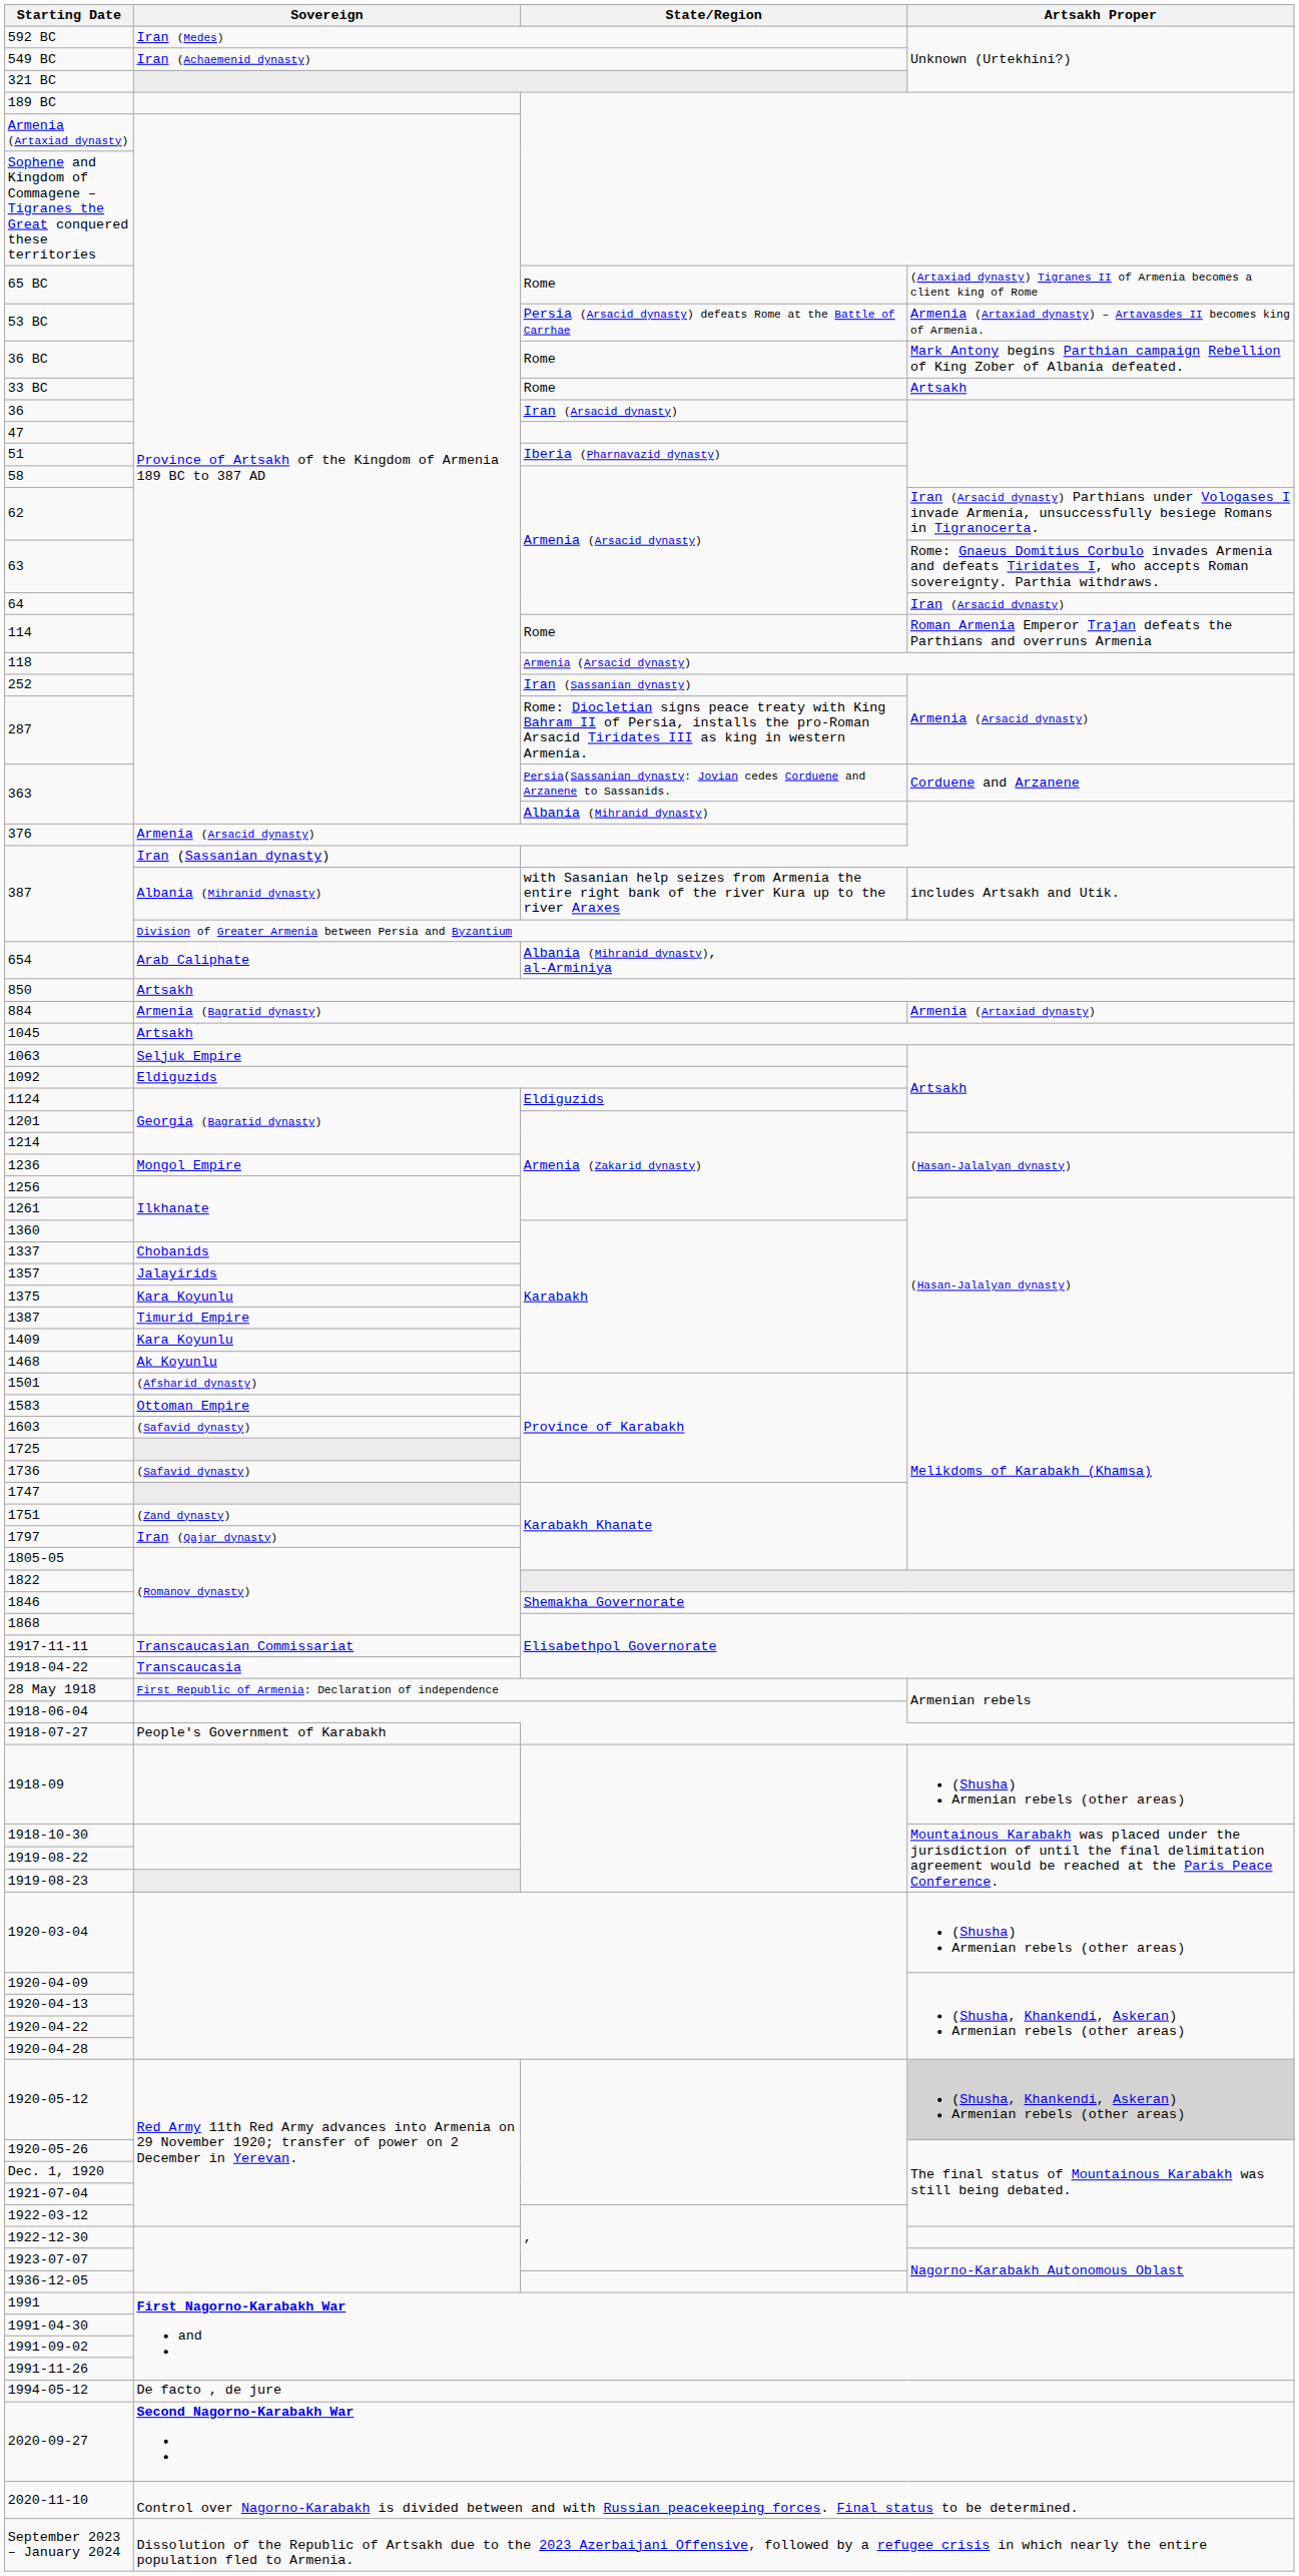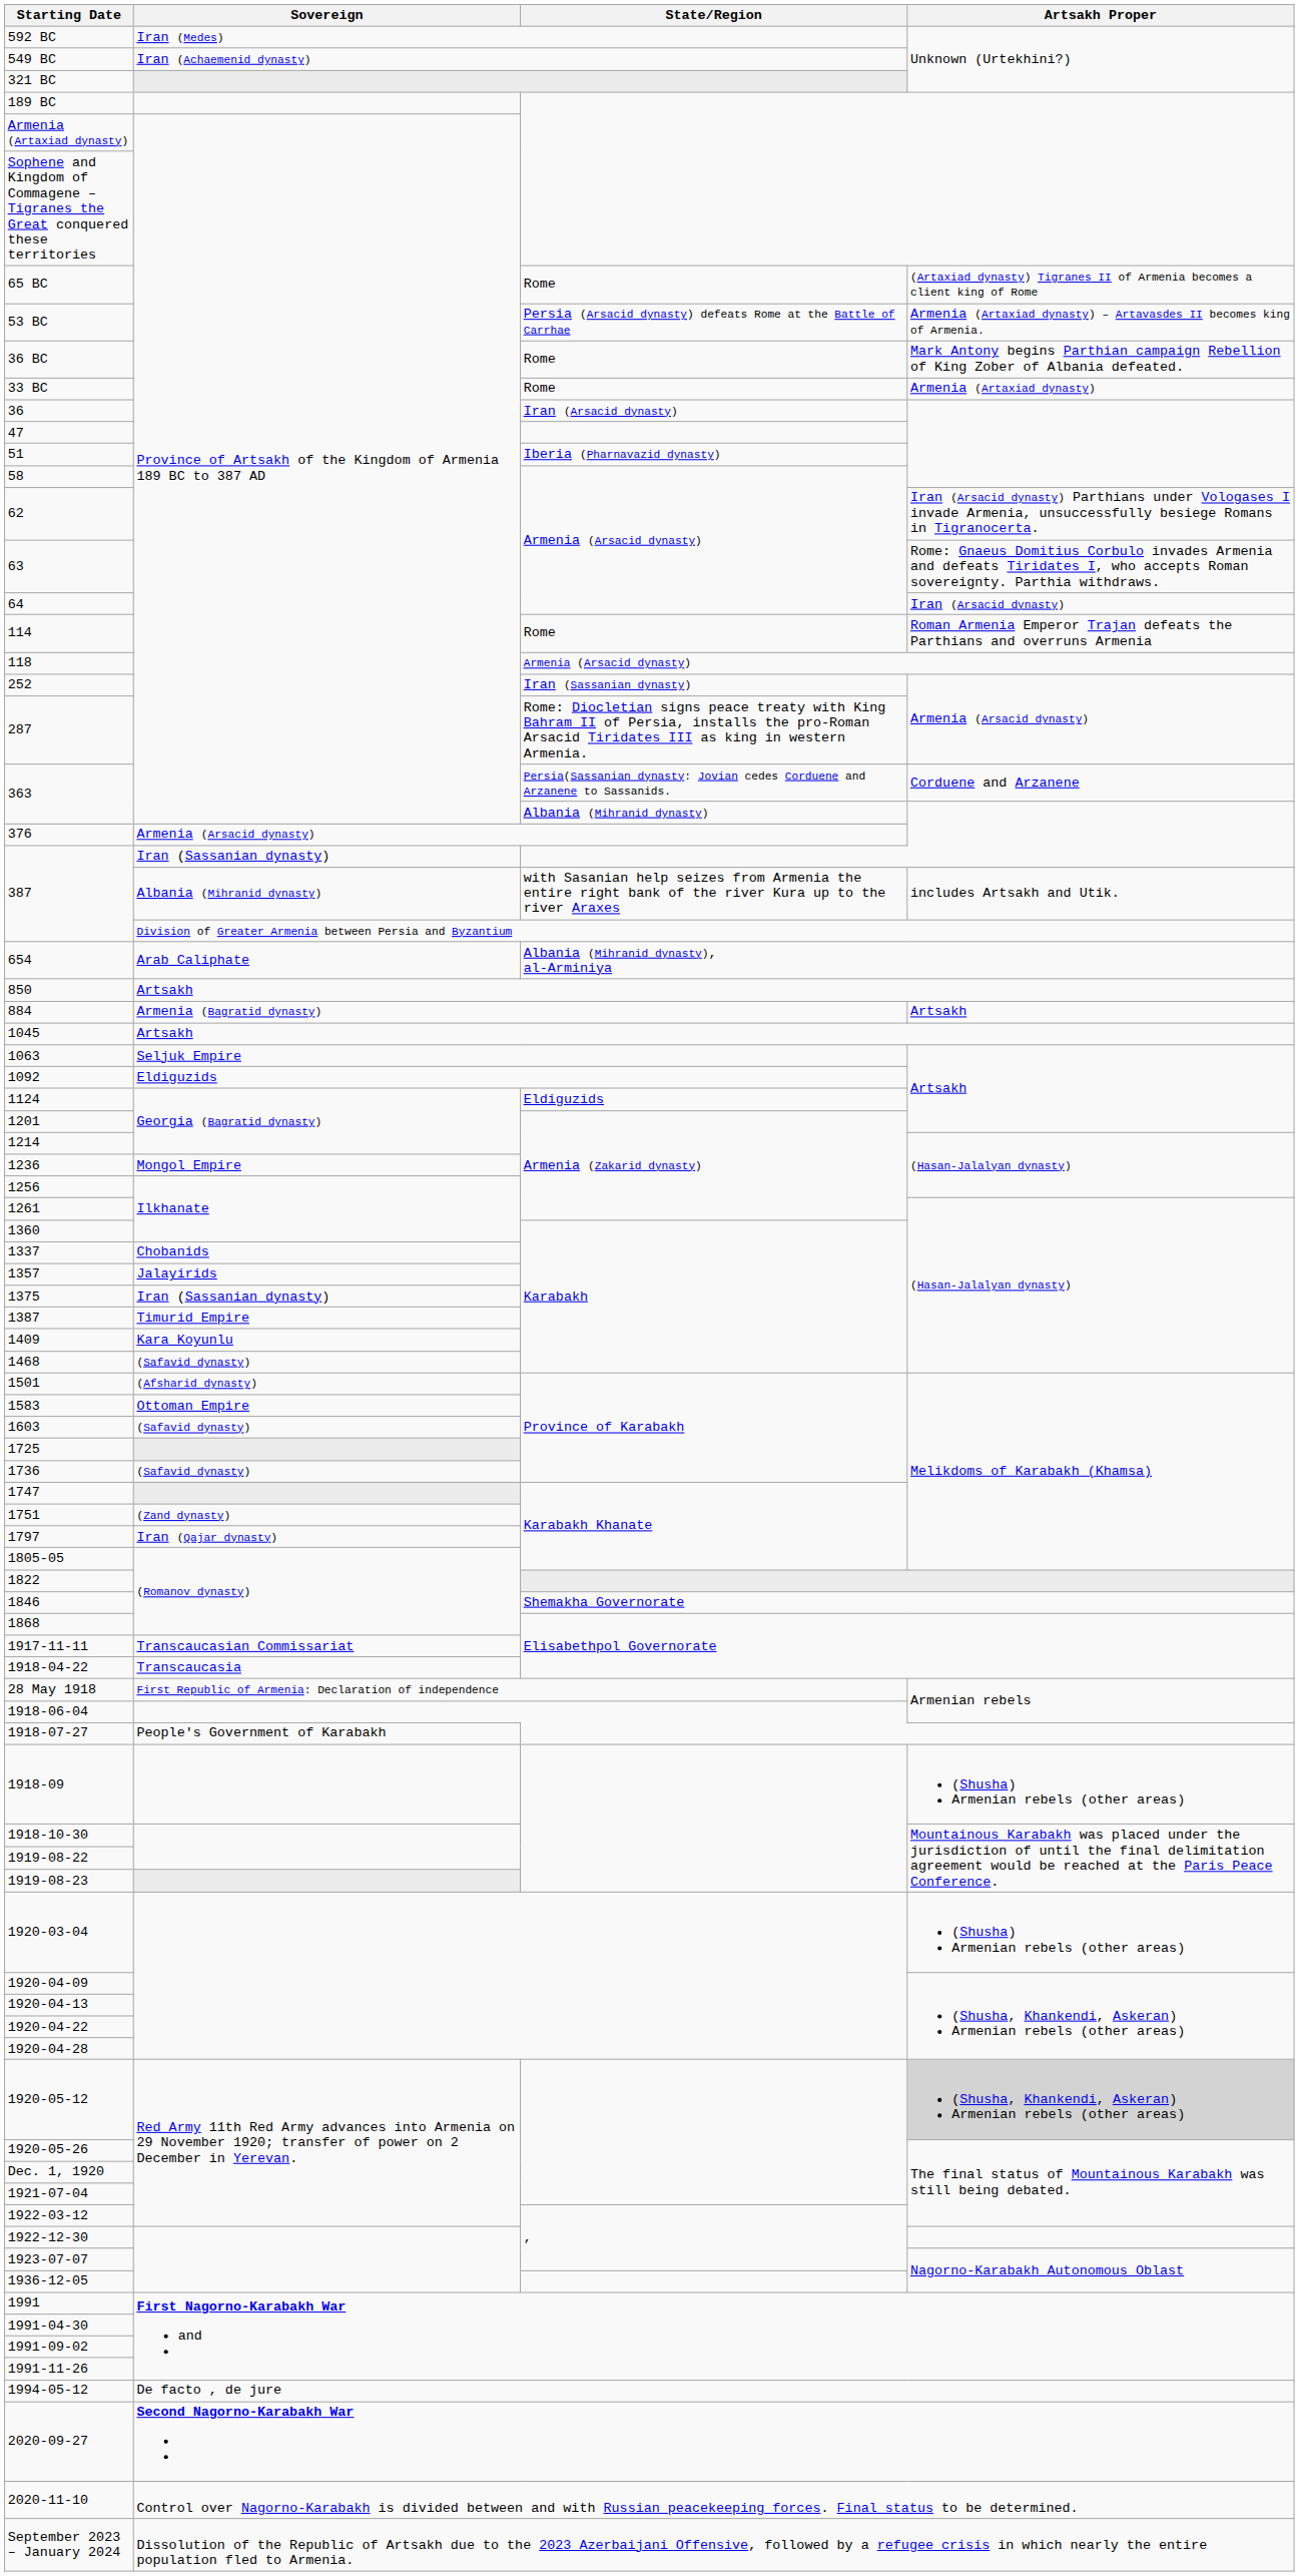 <table class="wikitable">
 <tr>
 <th scope="col" style="width: 10%;">Starting Date</th>
 <th scope="col" style="width: 30%;”">Sovereign</th>
 <th scope="col" style="width: 30%;”">State/Region</th>
 <th scope="col" style="width: 30%;”">Artsakh Proper</th>
 </tr>
 <tr>
 <td>592 BC </td>
 <td colspan="2"><a href='#'>Iran</a> <small>(<a href='#'>Medes</a>)</small></td>
 <td rowspan="3">Unknown (Urtekhini?)</td>
 </tr>
 <tr>
 <td>549 BC</td>
 <td colspan="2"> <a href='#'>Iran</a> <small>(<a href='#'>Achaemenid dynasty</a>)</small></td>
 </tr>
 <tr>
 <td>321 BC</td>
 <td colspan="2" style="background: #ECECEC;"></td>
 </tr>
 <tr>
 <td rowspan="1">189 BC </td>
 <td></td>
 </tr>
 <tr>
 <td 189> <a href='#'>Armenia</a> <small>(<a href='#'>Artaxiad dynasty</a>)</small></td>
 <td rowspan="19"><a href='#'>Province of Artsakh</a> of the Kingdom of Armenia  189 BC to 387 AD </td>
 </tr>
 <tr>
 <td 90 BC><a href='#'>Sophene</a> and Kingdom of Commagene – <a href='#'>Tigranes the Great</a> conquered these territories</td>
 </tr>
 <tr>
 <td>65 BC </td>
 <td>Rome</td>
 <td> <small>(<a href='#'>Artaxiad dynasty</a>) <a href='#'>Tigranes II</a> of Armenia becomes a client king of Rome</small></td>
 </tr>
 <tr>
 <td>53 BC </td>
 <td><a href='#'>Persia</a> <small>(<a href='#'>Arsacid dynasty</a>) defeats Rome at the <a href='#'>Battle of Carrhae</a></small></td>
 <td> <a href='#'>Armenia</a> <small>(<a href='#'>Artaxiad dynasty</a>) – <a href='#'>Artavasdes II</a> becomes king of Armenia.</small></td>
 </tr>
 <tr>
 <td>36 BC</td>
 <td>Rome</td>
 <td><a href='#'>Mark Antony</a> begins <a href='#'>Parthian campaign</a> <a href='#'>Rebellion</a> of King Zober of Albania defeated.</td>
 </tr>
 <tr>
 <td>33 BC</td>
 <td>Rome</td>
-<td> <a href='#'>Artsakh</a></td>
+<td> <a href='#'>Armenia</a> <small>(<a href='#'>Artaxiad dynasty</a>)</small></td>
 </tr>
 <tr>
 <td>36</td>
 <td><a href='#'>Iran</a> <small>(<a href='#'>Arsacid dynasty</a>)</small></td>
 </tr>
 <tr>
 <td>47</td>
 <td></td>
 </tr>
 <tr>
 <td>51 </td>
 <td><a href='#'>Iberia</a> <small>(<a href='#'>Pharnavazid dynasty</a>)</small></td>
 </tr>
 <tr>
 <td>58</td>
 <td rowspan="4"> <a href='#'>Armenia</a> <small>(<a href='#'>Arsacid dynasty</a>)</small></td>
 </tr>
 <tr>
 <td>62</td>
 <td><a href='#'>Iran</a> <small>(<a href='#'>Arsacid dynasty</a>)</small> Parthians under <a href='#'>Vologases I</a> invade Armenia, unsuccessfully besiege Romans in <a href='#'>Tigranocerta</a>.</td>
 </tr>
 <tr>
 <td>63</td>
 <td>Rome: <a href='#'>Gnaeus Domitius Corbulo</a> invades Armenia and defeats <a href='#'>Tiridates I</a>, who accepts Roman sovereignty. Parthia withdraws.</td>
 </tr>
 <tr>
 <td>64</td>
 <td><a href='#'>Iran</a> <small>(<a href='#'>Arsacid dynasty</a>)</small></td>
 </tr>
 <tr>
 <td>114 </td>
 <td>Rome</td>
 <td><a href='#'>Roman Armenia</a> Emperor <a href='#'>Trajan</a> defeats the Parthians and overruns Armenia</td>
 </tr>
 <tr>
 <td>118</td>
 <td colspan="2"><small> <a href='#'>Armenia</a> (<a href='#'>Arsacid dynasty</a>)</small></td>
 </tr>
 <tr>
 <td>252</td>
 <td> <a href='#'>Iran</a> <small>(<a href='#'>Sassanian dynasty</a>)</small></td>
 <td rowspan="2"> <a href='#'>Armenia</a> <small>(<a href='#'>Arsacid dynasty</a>)</small></td>
 </tr>
 <tr>
 <td>287</td>
 <td>Rome: <a href='#'>Diocletian</a> signs peace treaty with King <a href='#'>Bahram II</a> of Persia, installs the pro-Roman Arsacid <a href='#'>Tiridates III</a> as king in western Armenia.</td>
 </tr>
 <tr>
 <td rowspan="2">363</td>
 <td> <small><a href='#'>Persia</a>(<a href='#'>Sassanian dynasty</a>: <a href='#'>Jovian</a> cedes <a href='#'>Corduene</a> and <a href='#'>Arzanene</a> to Sassanids.</small></td>
 <td><a href='#'>Corduene</a> and <a href='#'>Arzanene</a></td>
 </tr>
 <tr>
 <td><a href='#'>Albania</a> <small>(<a href='#'>Mihranid dynasty</a>)</small></td>
 </tr>
 <tr>
 <td>376</td>
 <td colspan="2"> <a href='#'>Armenia</a> <small>(<a href='#'>Arsacid dynasty</a>)</small></td>
 </tr>
 <tr>
 <td rowspan="3">387</td>
 <td> <a href='#'>Iran</a> (<a href='#'>Sassanian dynasty</a>)</td>
 </tr>
 <tr>
 <td><a href='#'>Albania</a> <small>(<a href='#'>Mihranid dynasty</a>)</small></td>
 <td>with Sasanian help seizes from Armenia the entire right bank of the river Kura up to the river <a href='#'>Araxes</a></td>
 <td>includes Artsakh and Utik.</td>
 </tr>
 <tr>
 <td colspan="3"><small><a href='#'>Division</a> of <a href='#'>Greater Armenia</a> between Persia and <a href='#'>Byzantium</a></small></td>
 </tr>
 <tr>
 <td>654</td>
 <td><a href='#'>Arab Caliphate</a></td>
 <td colspan="2"><a href='#'>Albania</a> <small>(<a href='#'>Mihranid dynasty</a>)</small>,<br><a href='#'>al-Arminiya</a></td>
 </tr>
 <tr>
 <td>850</td>
 <td colspan="3"> <a href='#'>Artsakh</a></td>
 </tr>
 <tr>
 <td>884</td>
 <td colspan="2"> <a href='#'>Armenia</a> <small>(<a href='#'>Bagratid dynasty</a>)</small></td>
-<td> <a href='#'>Armenia</a> <small>(<a href='#'>Artaxiad dynasty</a>)</small></td>
+<td> <a href='#'>Artsakh</a></td>
 </tr>
 <tr>
 <td>1045</td>
 <td colspan="3"> <a href='#'>Artsakh</a></td>
 </tr>
 <tr>
 <td>1063</td>
 <td colspan="2"> <a href='#'>Seljuk Empire</a></td>
 <td rowspan="4"> <a href='#'>Artsakh</a></td>
 </tr>
 <tr>
 <td>1092</td>
 <td colspan="2"><a href='#'>Eldiguzids</a></td>
 </tr>
 <tr>
 <td>1124</td>
 <td rowspan="3"><strong></strong> <a href='#'>Georgia</a> <small>(<a href='#'>Bagratid dynasty</a>)</small></td>
 <td><a href='#'>Eldiguzids</a></td>
 </tr>
 <tr>
 <td>1201</td>
 <td rowspan="5"><a href='#'>Armenia</a> <small>(<a href='#'>Zakarid dynasty</a>)</small></td>
 </tr>
 <tr>
 <td>1214 </td>
 <td rowspan="3"> <small>(<a href='#'>Hasan-Jalalyan dynasty</a>)</small></td>
 </tr>
 <tr>
 <td>1236</td>
 <td><a href='#'>Mongol Empire</a></td>
 </tr>
 <tr>
 <td>1256</td>
 <td rowspan="3"><a href='#'>Ilkhanate</a></td>
 </tr>
 <tr>
 <td>1261</td>
 <td rowspan="8"> <small>(<a href='#'>Hasan-Jalalyan dynasty</a>)</small></td>
 </tr>
 <tr>
 <td>1360</td>
 <td rowspan="7"><a href='#'>Karabakh</a></td>
 </tr>
 <tr>
 <td>1337</td>
 <td><a href='#'>Chobanids</a></td>
 </tr>
 <tr>
 <td>1357</td>
 <td><a href='#'>Jalayirids</a></td>
 </tr>
 <tr>
 <td>1375</td>
-<td><a href='#'>Kara Koyunlu</a></td>
+<td> <a href='#'>Iran</a> (<a href='#'>Sassanian dynasty</a>)</td>
 </tr>
 <tr>
 <td>1387</td>
 <td><a href='#'>Timurid Empire</a></td>
 </tr>
 <tr>
 <td>1409</td>
 <td><a href='#'>Kara Koyunlu</a></td>
 </tr>
 <tr>
 <td>1468</td>
-<td><a href='#'>Ak Koyunlu</a></td>
+<td> <small>(<a href='#'>Safavid dynasty</a>)</small></td>
 </tr>
 <tr>
 <td>1501</td>
 <td> <small>(<a href='#'>Afsharid dynasty</a>)</small></td>
 <td rowspan="5"><a href='#'>Province of Karabakh</a></td>
 <td rowspan="9"><a href='#'>Melikdoms of Karabakh (Khamsa)</a></td>
 </tr>
 <tr>
 <td>1583</td>
 <td><strong></strong> <a href='#'>Ottoman Empire</a></td>
 </tr>
 <tr>
 <td>1603</td>
 <td> <small>(<a href='#'>Safavid dynasty</a>)</small></td>
 </tr>
 <tr>
 <td>1725</td>
 <td style="background: #ECECEC;"></td>
 </tr>
 <tr>
 <td>1736</td>
 <td> <small>(<a href='#'>Safavid dynasty</a>)</small></td>
 </tr>
 <tr>
 <td>1747 </td>
 <td style="background: #ECECEC;"></td>
 <td rowspan="4"><a href='#'>Karabakh Khanate</a></td>
 </tr>
 <tr>
 <td>1751</td>
 <td> <small>(<a href='#'>Zand dynasty</a>)</small></td>
 </tr>
 <tr>
 <td>1797</td>
 <td> <a href='#'>Iran</a> <small>(<a href='#'>Qajar dynasty</a>)</small></td>
 </tr>
 <tr>
 <td>1805-05 </td>
 <td rowspan="4"> <small>(<a href='#'>Romanov dynasty</a>)</small></td>
 </tr>
 <tr>
 <td>1822 </td>
 <td colspan="2" style="background: #ECECEC;"></td>
 </tr>
 <tr>
 <td>1846</td>
 <td colspan="2"><a href='#'>Shemakha Governorate</a></td>
 </tr>
 <tr>
 <td>1868 </td>
 <td colspan="2" rowspan="3"><a href='#'>Elisabethpol Governorate</a></td>
 </tr>
 <tr>
 <td>1917-11-11</td>
 <td> <a href='#'>Transcaucasian Commissariat</a></td>
 </tr>
 <tr>
 <td>1918-04-22</td>
 <td><a href='#'>Transcaucasia</a></td>
 </tr>
 <tr>
 <td>28 May 1918 </td>
 <td colspan="2"><small><a href='#'>First Republic of Armenia</a>: Declaration of independence</small></td>
 <td rowspan="2"> Armenian rebels</td>
 </tr>
 <tr>
 <td>1918-06-04 </td>
 </tr>
 <tr>
 <td>1918-07-27</td>
 <td> People's Government of Karabakh</td>
 </tr>
 <tr>
 <td>1918-09</td>
 <td></td>
 <td rowspan="4"></td>
 <td><br><ul><li> (<a href='#'>Shusha</a>)</li><li> Armenian rebels (other areas)</li></ul></td>
 </tr>
 <tr>
 <td>1918-10-30 </td>
 <td rowspan="2"></td>
 <td rowspan="3"><a href='#'>Mountainous Karabakh</a> was placed under the jurisdiction of  until the final delimitation agreement would be reached at the <a href='#'>Paris Peace Conference</a>.</td>
 </tr>
 <tr>
 <td>1919-08-22 </td>
 </tr>
 <tr>
 <td>1919-08-23 </td>
 <td style="background: #ECECEC;"></td>
 </tr>
 <tr>
 <td>1920-03-04 </td>
 <td colspan="2" rowspan="5"></td>
 <td><br><ul><li> (<a href='#'>Shusha</a>)</li><li> Armenian rebels (other areas)</li></ul></td>
 </tr>
 <tr>
 <td>1920-04-09</td>
 <td rowspan="4"><br><ul><li> (<a href='#'>Shusha</a>, <a href='#'>Khankendi</a>, <a href='#'>Askeran</a>)</li><li> Armenian rebels (other areas)</li></ul></td>
 </tr>
 <tr>
 <td>1920-04-13 </td>
 </tr>
 <tr>
 <td>1920-04-22 </td>
 </tr>
 <tr>
 <td>1920-04-28 </td>
 </tr>
 <tr>
 <td>1920-05-12 </td>
 <td rowspan="5"> <a href='#'>Red Army</a> 11th Red Army advances into Armenia on 29 November 1920; transfer of power on 2 December in <a href='#'>Yerevan</a>.</td>
 <td rowspan="4"></td>
 <td style="background: lightgrey;"><br><ul><li> (<a href='#'>Shusha</a>, <a href='#'>Khankendi</a>, <a href='#'>Askeran</a>)</li><li> Armenian rebels (other areas)</li></ul></td>
 </tr>
 <tr>
 <td>1920-05-26</td>
 <td rowspan="4">The final status of <a href='#'>Mountainous Karabakh</a> was still being debated.</td>
 </tr>
 <tr>
 <td>Dec. 1, 1920 </td>
 </tr>
 <tr>
 <td>1921-07-04 </td>
 </tr>
 <tr>
 <td>1922-03-12</td>
 <td rowspan="3">,<br></td>
 </tr>
 <tr>
 <td>1922-12-30 </td>
 <td rowspan="3"></td>
 </tr>
 <tr>
 <td>1923-07-07 </td>
 <td rowspan="2"><a href='#'>Nagorno-Karabakh Autonomous Oblast</a></td>
 </tr>
 <tr>
 <td>1936-12-05</td>
 <td></td>
 </tr>
 <tr>
 <td>1991</td>
 <td colspan="3" rowspan="4"><strong><a href='#'>First Nagorno-Karabakh War</a></strong><br><ul><li> and </li><li></li></ul></td>
 </tr>
 <tr>
 <td>1991-04-30 </td>
 </tr>
 <tr>
 <td>1991-09-02 </td>
 </tr>
 <tr>
 <td>1991-11-26 </td>
 </tr>
 <tr>
 <td>1994-05-12 </td>
 <td colspan="3">De facto , de jure </td>
 </tr>
 <tr>
 <td>2020-09-27</td>
 <td colspan="3"><strong><a href='#'>Second Nagorno-Karabakh War</a></strong><br><ul><li> </li><li> </li></ul></td>
 </tr>
 <tr>
 <td>2020-11-10</td>
 <td colspan="3"><br>Control over <a href='#'>Nagorno-Karabakh</a> is divided between  and  with  <a href='#'>Russian peacekeeping forces</a>. <a href='#'>Final status</a> to be determined.</td>
 </tr>
 <tr>
 <td>September 2023 – January 2024</td>
 <td colspan="3"><br>Dissolution of the Republic of Artsakh due to the <a href='#'>2023 Azerbaijani Offensive</a>, followed by a <a href='#'>refugee crisis</a> in which nearly the entire population fled to Armenia.</td>
 </tr>
 </table>
